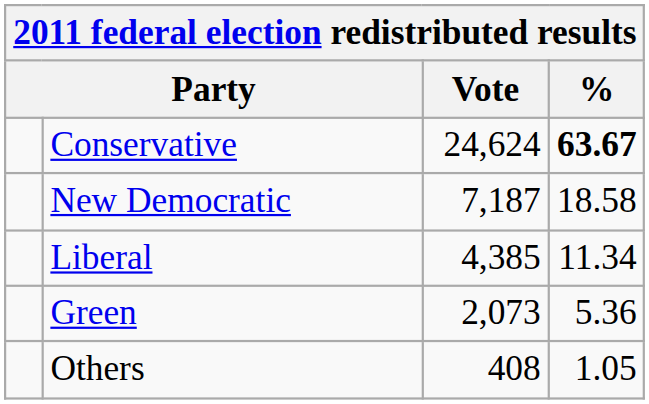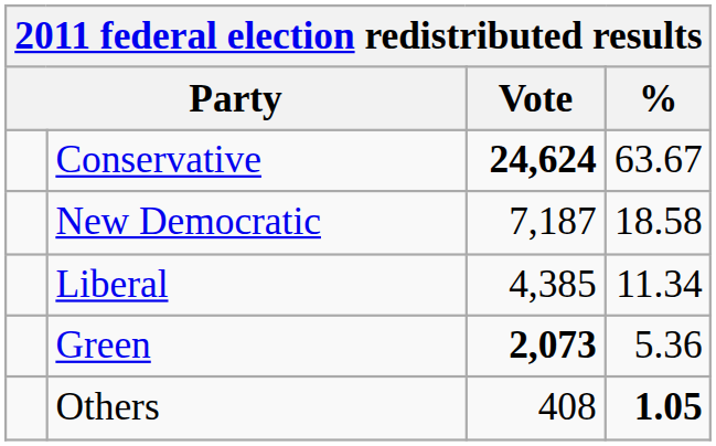 <table class="wikitable">
 <tr>
 <th colspan="4"><a href='#'>2011 federal election</a> redistributed results</th>
 </tr>
 <tr>
 <th bgcolor="#DDDDFF" width="130px" colspan="2">Party</th>
 <th bgcolor="#DDDDFF" width="50px">Vote</th>
 <th bgcolor="#DDDDFF" width="30px">%</th>
 </tr>
 <tr>
 <td> </td>
 <td><a href='#'>Conservative</a></td>
-<td align=right>24,624</td>
-<td align=right><strong>63.67</strong></td>
+<td align=right><strong>24,624</strong></td>
+<td align=right>63.67</td>
 </tr>
 <tr>
 <td> </td>
 <td><a href='#'>New Democratic</a></td>
 <td align=right>7,187</td>
 <td align=right>18.58</td>
 </tr>
 <tr>
 <td> </td>
 <td><a href='#'>Liberal</a></td>
 <td align=right>4,385</td>
 <td align=right>11.34</td>
 </tr>
 <tr>
 <td> </td>
 <td><a href='#'>Green</a></td>
-<td align=right>2,073</td>
+<td align=right><strong>2,073</strong></td>
 <td align=right>5.36</td>
 </tr>
 <tr>
 <td> </td>
 <td>Others</td>
 <td align=right>408</td>
-<td align=right>1.05</td>
+<td align=right><strong>1.05</strong></td>
 </tr>
 </table>
